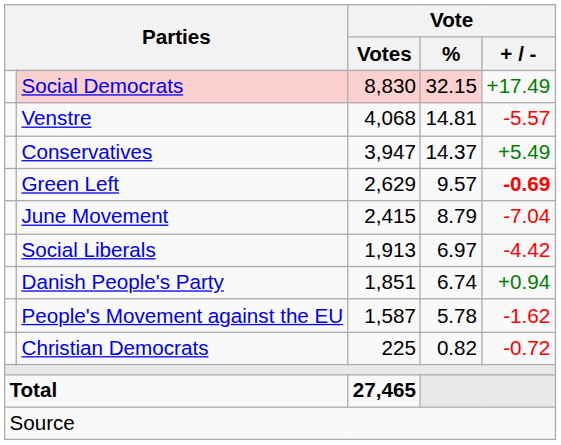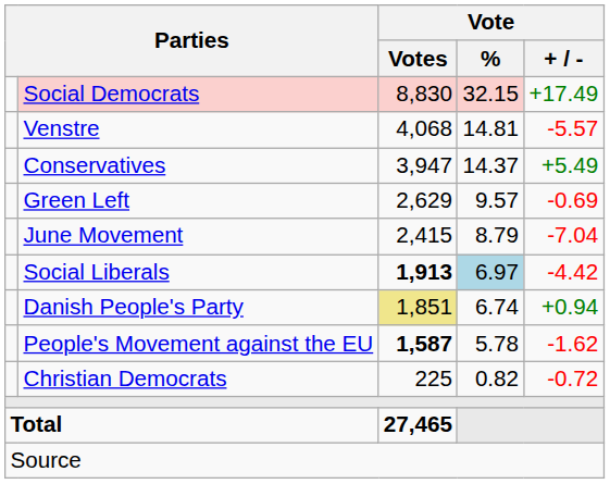 <table class="wikitable" style="text-align:right;">
 <tr>
 <th style="text-align:centre;" rowspan="2" colspan="2" width="225">Parties</th>
 <th colspan="3">Vote</th>
 </tr>
 <tr>
 <th width="15">Votes</th>
 <th width="15">%</th>
 <th width="15">+ / -</th>
 </tr>
 <tr>
 <td width="2" style="color:inherit;background:"></td>
 <td bgcolor=#fbd0ce   align="left"><a href='#'>Social Democrats</a></td>
 <td bgcolor=#fbd0ce>8,830</td>
 <td bgcolor=#fbd0ce>32.15</td>
 <td style=color:green;>+17.49</td>
 </tr>
 <tr>
 <td width="2" style="color:inherit;background:"></td>
 <td align="left"><a href='#'>Venstre</a></td>
 <td>4,068</td>
 <td>14.81</td>
 <td style=color:red;>-5.57</td>
 </tr>
 <tr>
 <td width="2" style="color:inherit;background:"></td>
 <td align="left"><a href='#'>Conservatives</a></td>
 <td>3,947</td>
 <td>14.37</td>
 <td style=color:green;>+5.49</td>
 </tr>
 <tr>
 <td width="2" style="color:inherit;background:"></td>
 <td align="left"><a href='#'>Green Left</a></td>
 <td>2,629</td>
 <td>9.57</td>
-<td style=color:red;><strong>-0.69</strong></td>
+<td style=color:red;>-0.69</td>
 </tr>
 <tr>
 <td width="2" style="color:inherit;background:"></td>
 <td align="left"><a href='#'>June Movement</a></td>
 <td>2,415</td>
 <td>8.79</td>
 <td style=color:red;>-7.04</td>
 </tr>
 <tr>
 <td width="2" style="color:inherit;background:"></td>
 <td align="left"><a href='#'>Social Liberals</a></td>
-<td>1,913</td>
-<td>6.97</td>
+<td><strong>1,913</strong></td>
+<td style="background: lightblue;">6.97</td>
 <td style=color:red;>-4.42</td>
 </tr>
 <tr>
 <td width="2" style="color:inherit;background:"></td>
 <td align="left"><a href='#'>Danish People's Party</a></td>
-<td>1,851</td>
+<td style="background: khaki;">1,851</td>
 <td>6.74</td>
 <td style=color:green;>+0.94</td>
 </tr>
 <tr>
 <td width="2" style="color:inherit;background:"></td>
 <td align="left"><a href='#'>People's Movement against the EU</a></td>
-<td>1,587</td>
+<td><strong>1,587</strong></td>
 <td>5.78</td>
 <td style=color:red;>-1.62</td>
 </tr>
 <tr>
 <td width="2" style="color:inherit;background:"></td>
 <td align="left"><a href='#'>Christian Democrats</a></td>
 <td>225</td>
 <td>0.82</td>
 <td style=color:red;>-0.72</td>
 </tr>
 <tr>
 <td colspan="7" bgcolor="#E9E9E9"></td>
 </tr>
 <tr>
 <td align="left" colspan="2"><strong>Total</strong></td>
 <td><strong>27,465</strong></td>
 <td bgcolor="#E9E9E9" colspan="2"></td>
 </tr>
 <tr>
 <td align="left" colspan="6">Source</td>
 </tr>
 </table>
